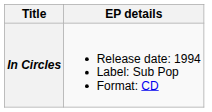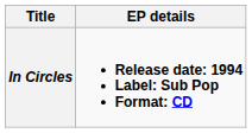 <table class="wikitable plainrowheaders">
 <tr>
 <th scope="col">Title</th>
 <th scope="col">EP details</th>
 </tr>
 <tr>
 <th scope="row"><em>In Circles</em></th>
-<td><br><ul><li>Release date: 1994</li><li>Label: Sub Pop</li><li>Format: <a href='#'>CD</a></li></ul></td>
+<td><strong><br><ul><li>Release date: 1994</li><li>Label: Sub Pop</li><li>Format: <a href='#'>CD</a></li></ul></strong></td>
 </tr>
 </table>
